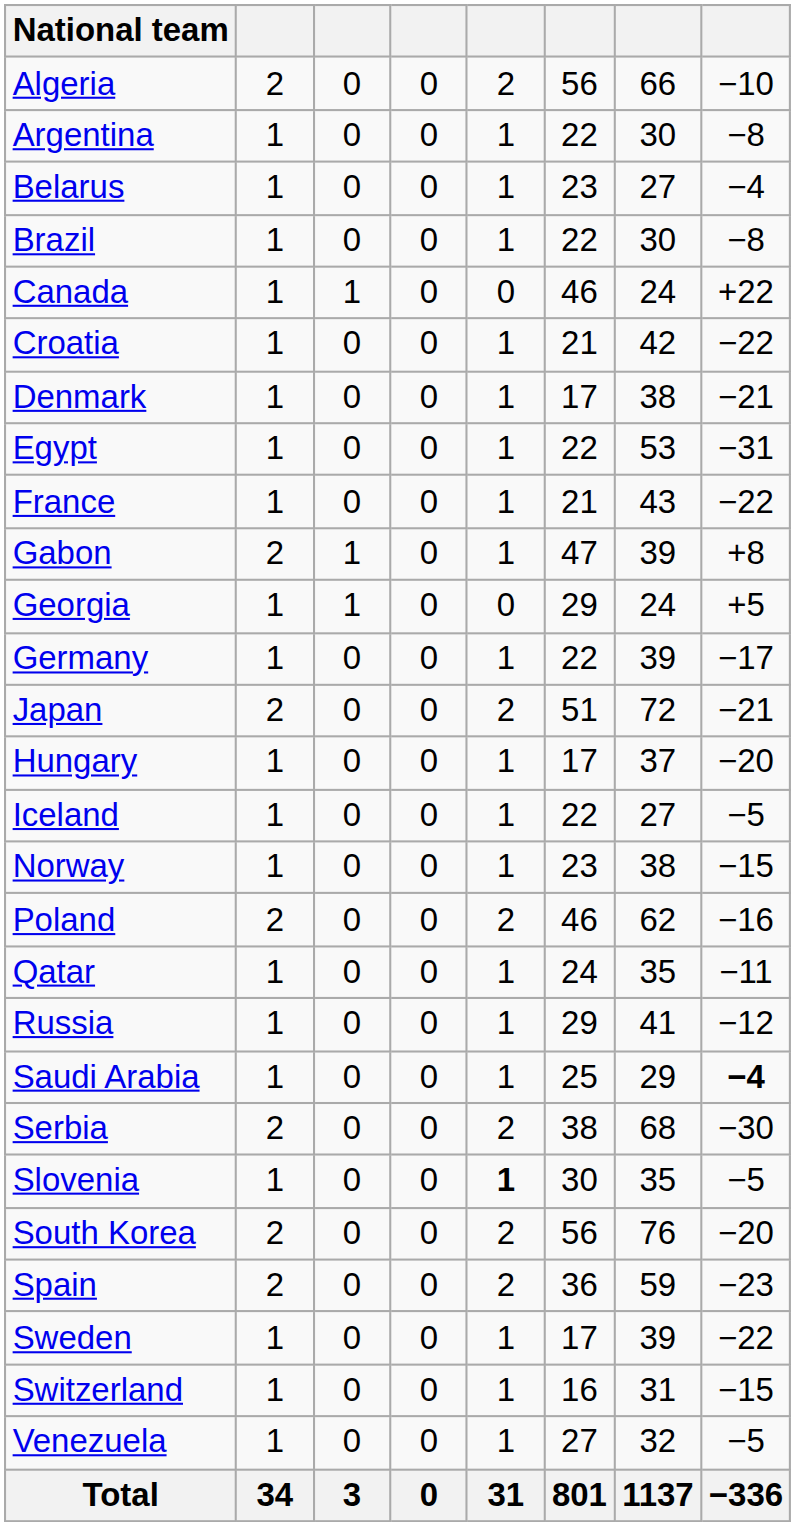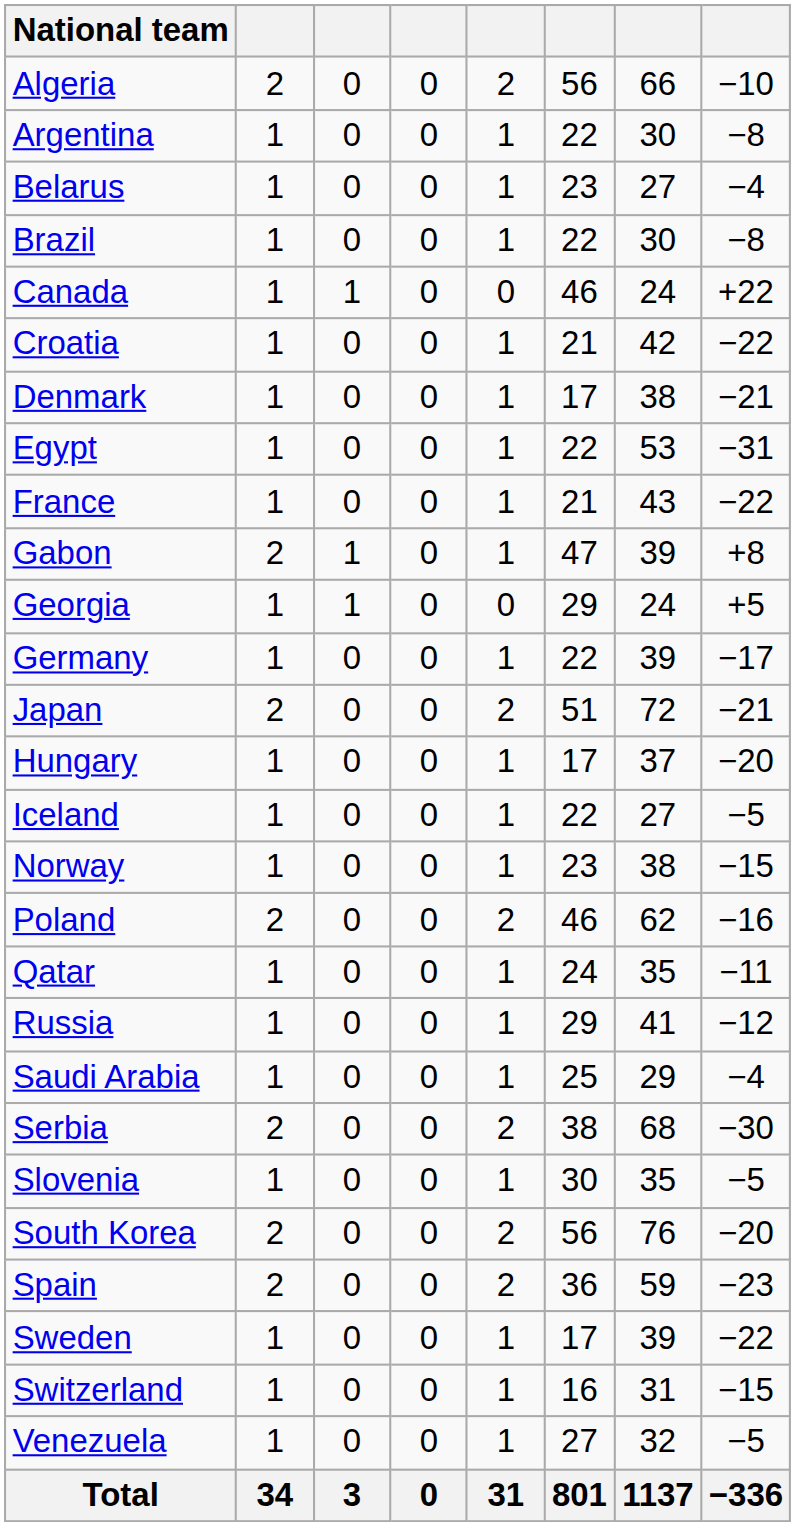 <table class="wikitable" style="text-align: center;">
 <tr>
 <th>National team</th>
 <th width="30"></th>
 <th width="30"></th>
 <th width="30"></th>
 <th width="30"></th>
 <th></th>
 <th></th>
 <th></th>
 </tr>
 <tr>
 <td align="left"> <a href='#'>Algeria</a></td>
 <td>2</td>
 <td>0</td>
 <td>0</td>
 <td>2</td>
 <td>56</td>
 <td>66</td>
 <td>−10</td>
 </tr>
 <tr>
 <td align="left"> <a href='#'>Argentina</a></td>
 <td>1</td>
 <td>0</td>
 <td>0</td>
 <td>1</td>
 <td>22</td>
 <td>30</td>
 <td>−8</td>
 </tr>
 <tr>
 <td align="left"> <a href='#'>Belarus</a></td>
 <td>1</td>
 <td>0</td>
 <td>0</td>
 <td>1</td>
 <td>23</td>
 <td>27</td>
 <td>−4</td>
 </tr>
 <tr>
 <td align="left"> <a href='#'>Brazil</a></td>
 <td>1</td>
 <td>0</td>
 <td>0</td>
 <td>1</td>
 <td>22</td>
 <td>30</td>
 <td>−8</td>
 </tr>
 <tr>
 <td align="left"> <a href='#'>Canada</a></td>
 <td>1</td>
 <td>1</td>
 <td>0</td>
 <td>0</td>
 <td>46</td>
 <td>24</td>
 <td>+22</td>
 </tr>
 <tr>
 <td align="left"> <a href='#'>Croatia</a></td>
 <td>1</td>
 <td>0</td>
 <td>0</td>
 <td>1</td>
 <td>21</td>
 <td>42</td>
 <td>−22</td>
 </tr>
 <tr>
 <td align="left"> <a href='#'>Denmark</a></td>
 <td>1</td>
 <td>0</td>
 <td>0</td>
 <td>1</td>
 <td>17</td>
 <td>38</td>
 <td>−21</td>
 </tr>
 <tr>
 <td align="left"> <a href='#'>Egypt</a></td>
 <td>1</td>
 <td>0</td>
 <td>0</td>
 <td>1</td>
 <td>22</td>
 <td>53</td>
 <td>−31</td>
 </tr>
 <tr>
 <td align="left"> <a href='#'>France</a></td>
 <td>1</td>
 <td>0</td>
 <td>0</td>
 <td>1</td>
 <td>21</td>
 <td>43</td>
 <td>−22</td>
 </tr>
 <tr>
 <td align="left"> <a href='#'>Gabon</a></td>
 <td>2</td>
 <td>1</td>
 <td>0</td>
 <td>1</td>
 <td>47</td>
 <td>39</td>
 <td>+8</td>
 </tr>
 <tr>
 <td align="left"> <a href='#'>Georgia</a></td>
 <td>1</td>
 <td>1</td>
 <td>0</td>
 <td>0</td>
 <td>29</td>
 <td>24</td>
 <td>+5</td>
 </tr>
 <tr>
 <td align="left"> <a href='#'>Germany</a></td>
 <td>1</td>
 <td>0</td>
 <td>0</td>
 <td>1</td>
 <td>22</td>
 <td>39</td>
 <td>−17</td>
 </tr>
 <tr>
 <td align="left"> <a href='#'>Japan</a></td>
 <td>2</td>
 <td>0</td>
 <td>0</td>
 <td>2</td>
 <td>51</td>
 <td>72</td>
 <td>−21</td>
 </tr>
 <tr>
 <td align="left"> <a href='#'>Hungary</a></td>
 <td>1</td>
 <td>0</td>
 <td>0</td>
 <td>1</td>
 <td>17</td>
 <td>37</td>
 <td>−20</td>
 </tr>
 <tr>
 <td align="left"> <a href='#'>Iceland</a></td>
 <td>1</td>
 <td>0</td>
 <td>0</td>
 <td>1</td>
 <td>22</td>
 <td>27</td>
 <td>−5</td>
 </tr>
 <tr>
 <td align="left"> <a href='#'>Norway</a></td>
 <td>1</td>
 <td>0</td>
 <td>0</td>
 <td>1</td>
 <td>23</td>
 <td>38</td>
 <td>−15</td>
 </tr>
 <tr>
 <td align="left"> <a href='#'>Poland</a></td>
 <td>2</td>
 <td>0</td>
 <td>0</td>
 <td>2</td>
 <td>46</td>
 <td>62</td>
 <td>−16</td>
 </tr>
 <tr>
 <td align="left"> <a href='#'>Qatar</a></td>
 <td>1</td>
 <td>0</td>
 <td>0</td>
 <td>1</td>
 <td>24</td>
 <td>35</td>
 <td>−11</td>
 </tr>
 <tr>
 <td align="left"> <a href='#'>Russia</a></td>
 <td>1</td>
 <td>0</td>
 <td>0</td>
 <td>1</td>
 <td>29</td>
 <td>41</td>
 <td>−12</td>
 </tr>
 <tr>
 <td align="left"> <a href='#'>Saudi Arabia</a></td>
 <td>1</td>
 <td>0</td>
 <td>0</td>
 <td>1</td>
 <td>25</td>
 <td>29</td>
-<td><strong>−4</strong></td>
+<td>−4</td>
 </tr>
 <tr>
 <td align="left"> <a href='#'>Serbia</a></td>
 <td>2</td>
 <td>0</td>
 <td>0</td>
 <td>2</td>
 <td>38</td>
 <td>68</td>
 <td>−30</td>
 </tr>
 <tr>
 <td align="left"> <a href='#'>Slovenia</a></td>
 <td>1</td>
 <td>0</td>
 <td>0</td>
-<td><strong>1</strong></td>
+<td>1</td>
 <td>30</td>
 <td>35</td>
 <td>−5</td>
 </tr>
 <tr>
 <td align="left"> <a href='#'>South Korea</a></td>
 <td>2</td>
 <td>0</td>
 <td>0</td>
 <td>2</td>
 <td>56</td>
 <td>76</td>
 <td>−20</td>
 </tr>
 <tr>
 <td align="left"> <a href='#'>Spain</a></td>
 <td>2</td>
 <td>0</td>
 <td>0</td>
 <td>2</td>
 <td>36</td>
 <td>59</td>
 <td>−23</td>
 </tr>
 <tr>
 <td align="left"> <a href='#'>Sweden</a></td>
 <td>1</td>
 <td>0</td>
 <td>0</td>
 <td>1</td>
 <td>17</td>
 <td>39</td>
 <td>−22</td>
 </tr>
 <tr>
 <td align="left"> <a href='#'>Switzerland</a></td>
 <td>1</td>
 <td>0</td>
 <td>0</td>
 <td>1</td>
 <td>16</td>
 <td>31</td>
 <td>−15</td>
 </tr>
 <tr>
 <td align="left"> <a href='#'>Venezuela</a></td>
 <td>1</td>
 <td>0</td>
 <td>0</td>
 <td>1</td>
 <td>27</td>
 <td>32</td>
 <td>−5</td>
 </tr>
 <tr>
 <th>Total</th>
 <th>34</th>
 <th>3</th>
 <th>0</th>
 <th>31</th>
 <th>801</th>
 <th>1137</th>
 <th>−336</th>
 </tr>
 </table>
